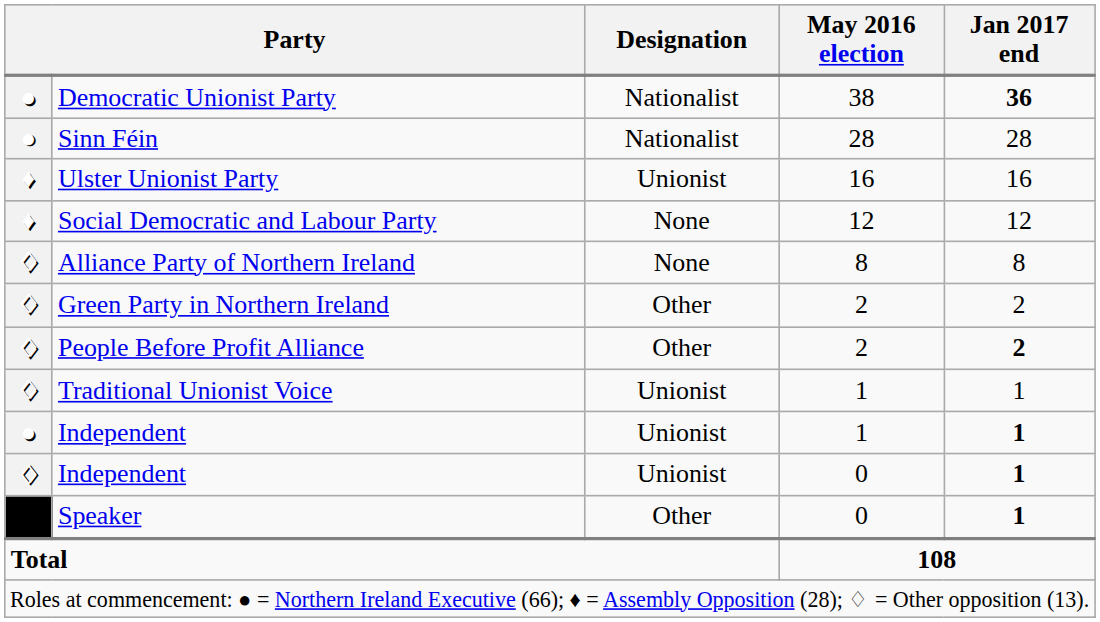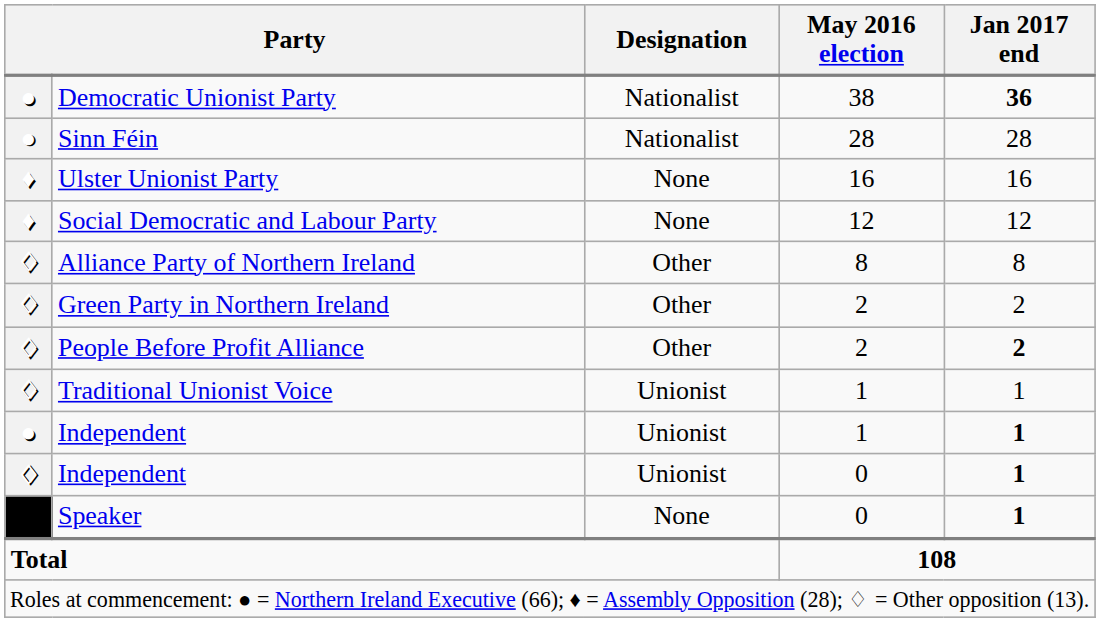 <table class="wikitable">
 <tr style="border-bottom: 2px solid gray;">
 <th colspan=2>Party</th>
 <th>Designation</th>
 <th>May 2016<br><a href='#'>election</a></th>
 <th>Jan 2017<br>end</th>
 </tr>
 <tr>
 <th style="color: white; text-shadow: 1px 1px 0 black; background-color: ">●</th>
 <td><a href='#'>Democratic Unionist Party</a></td>
 <td align="center">Nationalist</td>
 <td align="center">38</td>
 <td align="center"><strong>36</strong></td>
 </tr>
 <tr>
 <th style="color: white; text-shadow: 1px 1px 0 black; background-color: ">●</th>
 <td><a href='#'>Sinn Féin</a></td>
 <td align="center">Nationalist</td>
 <td align="center">28</td>
 <td align="center">28</td>
 </tr>
 <tr>
 <th style="color: white; text-shadow: 1px 1px 0 black; background-color: ">♦</th>
 <td><a href='#'>Ulster Unionist Party</a></td>
-<td align="center">Unionist</td>
+<td align="center">None</td>
 <td align="center">16</td>
 <td align="center">16</td>
 </tr>
 <tr>
 <th style="color: white; text-shadow: 1px 1px 0 black; background-color: ">♦</th>
 <td><a href='#'>Social Democratic and Labour Party</a></td>
 <td align="center">None</td>
 <td align="center">12</td>
 <td align="center">12</td>
 </tr>
 <tr>
 <th style="color: white; text-shadow: 1px 1px 0 black; background-color: ">♢</th>
 <td><a href='#'>Alliance Party of Northern Ireland</a></td>
-<td align="center">None</td>
+<td align="center">Other</td>
 <td align="center">8</td>
 <td align="center">8</td>
 </tr>
 <tr>
 <th style="color: white; text-shadow: 1px 1px 0 black; background-color: ">♢</th>
 <td><a href='#'>Green Party in Northern Ireland</a></td>
 <td align="center">Other</td>
 <td align="center">2</td>
 <td align="center">2</td>
 </tr>
 <tr>
 <th style="color: white; text-shadow: 1px 1px 0 black; background-color: ">♢</th>
 <td><a href='#'>People Before Profit Alliance</a></td>
 <td align="center">Other</td>
 <td align="center">2</td>
 <td align="center"><strong>2</strong></td>
 </tr>
 <tr>
 <th style="color: white; text-shadow: 1px 1px 0 black; background-color: ">♢</th>
 <td><a href='#'>Traditional Unionist Voice</a></td>
 <td align="center">Unionist</td>
 <td align="center">1</td>
 <td align="center">1</td>
 </tr>
 <tr>
 <th style="color: white; text-shadow: 1px 1px 0 black; background-color: ">●</th>
 <td><a href='#'>Independent</a></td>
 <td align="center">Unionist</td>
 <td align="center">1</td>
 <td align="center"><strong>1</strong></td>
 </tr>
 <tr>
 <th style="color: white; text-shadow: 1px 1px 0 black; background-color: ">♢</th>
 <td><a href='#'>Independent</a></td>
 <td align="center">Unionist</td>
 <td align="center">0</td>
 <td align="center"><strong>1</strong></td>
 </tr>
 <tr style="border-bottom: 2px solid gray;">
 <th style="background-color: black"></th>
 <td><a href='#'>Speaker</a></td>
-<td align="center">Other</td>
+<td align="center">None</td>
 <td align="center">0</td>
 <td align="center"><strong>1</strong></td>
 </tr>
 <tr>
 <td colspan="3"><strong>Total</strong></td>
 <td colspan="2" align="center"><strong>108</strong></td>
 </tr>
 <tr>
 <td colspan="5" style="font-size:85%">Roles at commencement: ● = <a href='#'>Northern Ireland Executive</a> (66); ♦ = <a href='#'>Assembly Opposition</a> (28); ♢ = Other opposition (13).</td>
 </tr>
 </table>
